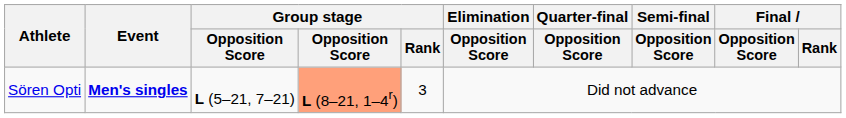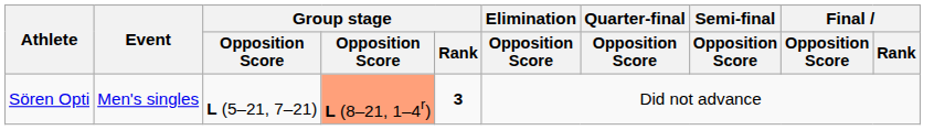 <table class="wikitable" style="font-size:90%">
 <tr>
 <th rowspan="2">Athlete</th>
 <th rowspan="2">Event</th>
 <th colspan="3">Group stage</th>
 <th>Elimination</th>
 <th>Quarter-final</th>
 <th>Semi-final</th>
 <th colspan="2">Final / </th>
 </tr>
 <tr style="font-size:95%">
 <th>Opposition<br>Score</th>
 <th>Opposition<br>Score</th>
 <th>Rank</th>
 <th>Opposition<br>Score</th>
 <th>Opposition<br>Score</th>
 <th>Opposition<br>Score</th>
 <th>Opposition<br>Score</th>
 <th>Rank</th>
 </tr>
 <tr align="center">
 <td align="left"><a href='#'>Sören Opti</a></td>
-<td align="left"><strong><a href='#'>Men's singles</a></strong></td>
+<td align="left"><a href='#'>Men's singles</a></td>
 <td><br><strong>L</strong> (5–21, 7–21)</td>
 <td style="background: lightsalmon;"><br><strong>L</strong> (8–21, 1–4<sup>r</sup>)</td>
-<td>3</td>
+<td><strong>3</strong></td>
 <td colspan=5>Did not advance</td>
 </tr>
 </table>
